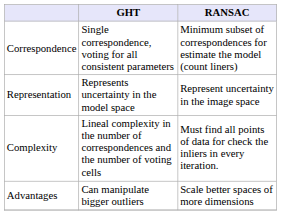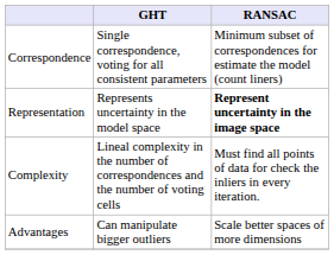 <table border="0" style="background:#ffffff" align="top" class="sortable wikitable">
 <tr>
 <th width="100 px" style="background:Lavender; color:Black"></th>
 <th width="140 px" style="background:Lavender; color:Black">GHT</th>
 <th width="140 px" style="background:Lavender; color:Black">RANSAC</th>
 </tr>
 <tr>
 <td>Correspondence</td>
 <td>Single correspondence, voting for all consistent parameters</td>
 <td>Minimum subset of correspondences for estimate the model (count liners)</td>
 </tr>
 <tr>
 <td>Representation</td>
 <td>Represents uncertainty in the model space</td>
-<td>Represent uncertainty in the image space</td>
+<td><strong>Represent uncertainty in the image space</strong></td>
 </tr>
 <tr>
 <td>Complexity</td>
 <td>Lineal complexity in the number of correspondences and the number of voting cells</td>
 <td>Must find all points of data for check the inliers in every iteration.</td>
 </tr>
 <tr>
 <td>Advantages</td>
 <td>Can manipulate bigger outliers</td>
 <td>Scale better spaces of more dimensions</td>
 </tr>
 <tr>
 </tr>
 </table>
